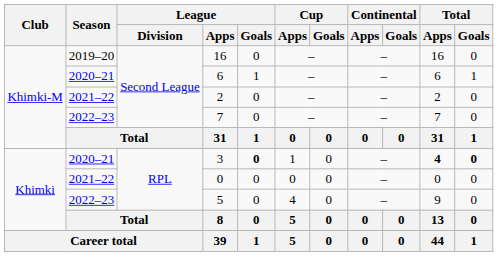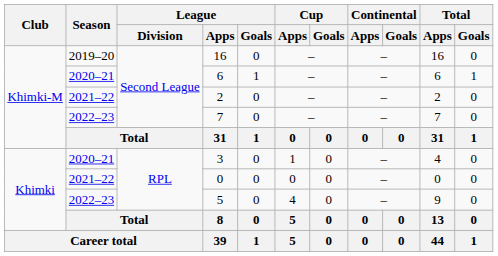 <table class="wikitable" style="text-align: center;">
 <tr>
 <th rowspan=2>Club</th>
 <th rowspan=2>Season</th>
 <th colspan=3>League</th>
 <th colspan=2>Cup</th>
 <th colspan=2>Continental</th>
 <th colspan=2>Total</th>
 </tr>
 <tr>
 <th>Division</th>
 <th>Apps</th>
 <th>Goals</th>
 <th>Apps</th>
 <th>Goals</th>
 <th>Apps</th>
 <th>Goals</th>
 <th>Apps</th>
 <th>Goals</th>
 </tr>
 <tr>
 <td rowspan="5"><a href='#'>Khimki-M</a></td>
 <td>2019–20</td>
 <td rowspan="4"><a href='#'>Second League</a></td>
 <td>16</td>
 <td>0</td>
 <td colspan=2>–</td>
 <td colspan=2>–</td>
 <td>16</td>
 <td>0</td>
 </tr>
 <tr>
 <td><a href='#'>2020–21</a></td>
 <td>6</td>
 <td>1</td>
 <td colspan=2>–</td>
 <td colspan=2>–</td>
 <td>6</td>
 <td>1</td>
 </tr>
 <tr>
 <td><a href='#'>2021–22</a></td>
 <td>2</td>
 <td>0</td>
 <td colspan=2>–</td>
 <td colspan=2>–</td>
 <td>2</td>
 <td>0</td>
 </tr>
 <tr>
 <td><a href='#'>2022–23</a></td>
 <td>7</td>
 <td>0</td>
 <td colspan=2>–</td>
 <td colspan=2>–</td>
 <td>7</td>
 <td>0</td>
 </tr>
 <tr>
 <th colspan=2>Total</th>
 <th>31</th>
 <th>1</th>
 <th>0</th>
 <th>0</th>
 <th>0</th>
 <th>0</th>
 <th>31</th>
 <th>1</th>
 </tr>
 <tr>
 <td rowspan="4"><a href='#'>Khimki</a></td>
 <td><a href='#'>2020–21</a></td>
 <td rowspan="3"><a href='#'>RPL</a></td>
 <td>3</td>
-<td><strong>0</strong></td>
+<td>0</td>
 <td>1</td>
 <td>0</td>
 <td colspan=2>–</td>
-<td><strong>4</strong></td>
-<td><strong>0</strong></td>
+<td>4</td>
+<td>0</td>
 </tr>
 <tr>
 <td><a href='#'>2021–22</a></td>
 <td>0</td>
 <td>0</td>
 <td>0</td>
 <td>0</td>
 <td colspan=2>–</td>
 <td>0</td>
 <td>0</td>
 </tr>
 <tr>
 <td><a href='#'>2022–23</a></td>
 <td>5</td>
 <td>0</td>
 <td>4</td>
 <td>0</td>
 <td colspan=2>–</td>
 <td>9</td>
 <td>0</td>
 </tr>
 <tr>
 <th colspan=2>Total</th>
 <th>8</th>
 <th>0</th>
 <th>5</th>
 <th>0</th>
 <th>0</th>
 <th>0</th>
 <th>13</th>
 <th>0</th>
 </tr>
 <tr>
 <th colspan=3>Career total</th>
 <th>39</th>
 <th>1</th>
 <th>5</th>
 <th>0</th>
 <th>0</th>
 <th>0</th>
 <th>44</th>
 <th>1</th>
 </tr>
 </table>
